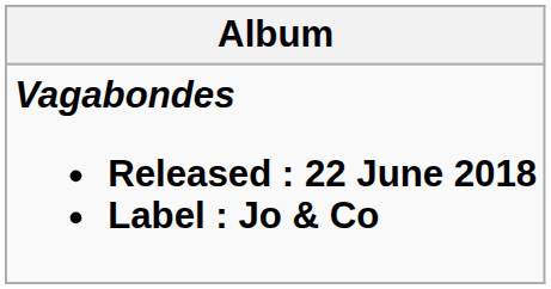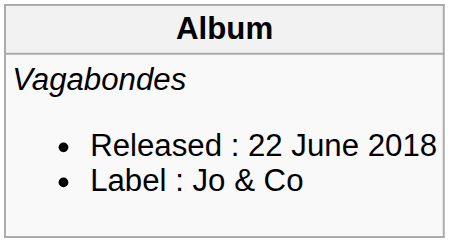 <table class="wikitable">
 <tr>
 <th rowspan="1">Album</th>
 </tr>
 <tr>
-<td><strong><em>Vagabondes</em><br><ul><li>Released : 22 June 2018</li><li>Label : Jo & Co</li></ul></strong></td>
+<td><em>Vagabondes</em><br><ul><li>Released : 22 June 2018</li><li>Label : Jo & Co</li></ul></td>
 </tr>
 </table>
